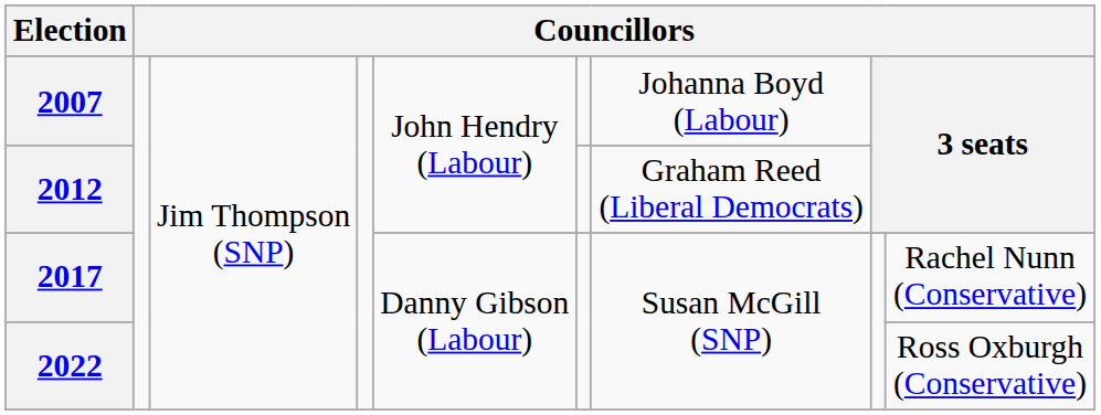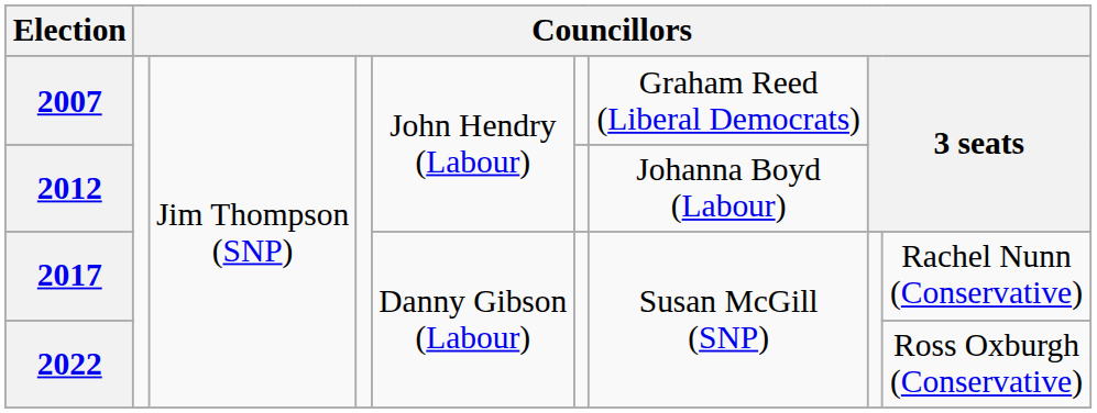 <table class="wikitable" style="text-align:center">
 <tr>
 <th>Election</th>
 <th colspan=8>Councillors</th>
 </tr>
 <tr>
 <th><a href='#'>2007</a></th>
 <td rowspan=4; style="background-color: "></td>
 <td rowspan=4>Jim Thompson<br>(<a href='#'>SNP</a>)</td>
 <td rowspan=4; style="background-color: "></td>
 <td rowspan=2>John Hendry<br>(<a href='#'>Labour</a>)</td>
 <td rowspan=1; style="background-color: "></td>
-<td rowspan=1>Johanna Boyd<br>(<a href='#'>Labour</a>)</td>
+<td rowspan=1>Graham Reed<br>(<a href='#'>Liberal Democrats</a>)</td>
 <th colspan=2; rowspan=2>3 seats</th>
 </tr>
 <tr>
 <th><a href='#'>2012</a></th>
 <td rowspan=1; style="background-color: "></td>
-<td rowspan=1>Graham Reed<br>(<a href='#'>Liberal Democrats</a>)</td>
+<td rowspan=1>Johanna Boyd<br>(<a href='#'>Labour</a>)</td>
 </tr>
 <tr>
 <th><a href='#'>2017</a></th>
 <td rowspan=2>Danny Gibson<br>(<a href='#'>Labour</a>)</td>
 <td rowspan=2; style="background-color: "></td>
 <td rowspan=2>Susan McGill<br>(<a href='#'>SNP</a>)</td>
 <td rowspan=2; style="background-color: "></td>
 <td rowspan=1>Rachel Nunn<br>(<a href='#'>Conservative</a>)</td>
 </tr>
 <tr>
 <th><a href='#'>2022</a></th>
 <td rowspan=1>Ross Oxburgh<br>(<a href='#'>Conservative</a>)</td>
 </tr>
 </table>
